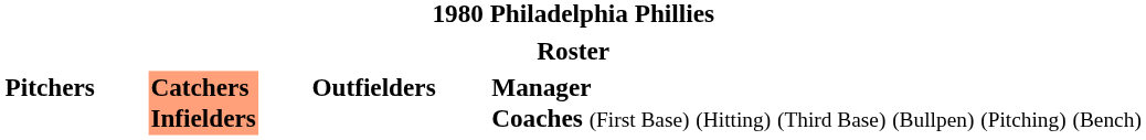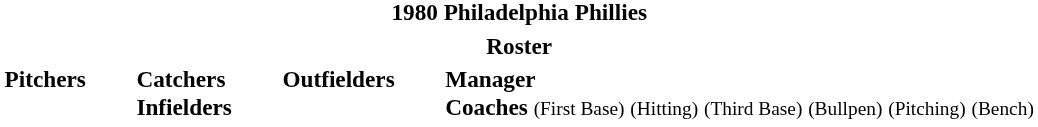 <table class="toccolours" style="font-size: 95%;">
 <tr>
 <th colspan="10" style="text-align:center; ">1980 Philadelphia Phillies</th>
 </tr>
 <tr>
 <td colspan="10" style="text-align:center; "><strong>Roster</strong></td>
 </tr>
 <tr>
 <td valign="top"><strong>Pitchers</strong><br>                </td>
 <td width="25px"></td>
-<td valign="top" style="background: lightsalmon;"><strong>Catchers</strong><br>    <strong>Infielders</strong>          </td>
+<td valign="top"><strong>Catchers</strong><br>    <strong>Infielders</strong>          </td>
 <td width="25px"></td>
 <td valign="top"><strong>Outfielders</strong><br>       </td>
 <td width="25px"></td>
 <td valign="top"><strong>Manager</strong><br> <strong>Coaches</strong>  <small>(First Base)</small>  <small>(Hitting)</small>  <small>(Third Base)</small>  <small>(Bullpen)</small>  <small>(Pitching)</small>  <small>(Bench)</small></td>
 </tr>
 <tr>
 </tr>
 </table>
